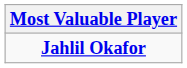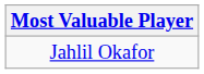 <table class=wikitable style="text-align:center; margin:auto">
 <tr>
 <th><a href='#'>Most Valuable Player</a></th>
 </tr>
 <tr>
-<td><strong> <a href='#'>Jahlil Okafor</a></strong></td>
+<td> <a href='#'>Jahlil Okafor</a></td>
 </tr>
 </table>
